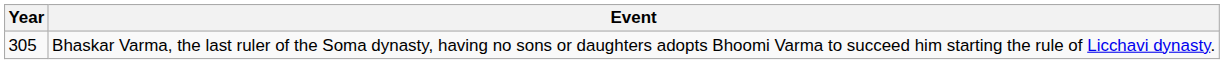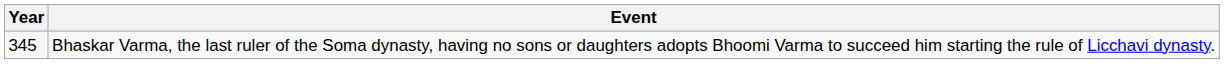 <table class="wikitable">
 <tr>
 <th>Year</th>
 <th>Event</th>
 </tr>
 <tr>
-<td>305</td>
+<td>345</td>
 <td>Bhaskar Varma, the last ruler of the Soma dynasty, having no sons or daughters adopts Bhoomi Varma to succeed him starting the rule of <a href='#'>Licchavi dynasty</a>.</td>
 </tr>
 </table>
